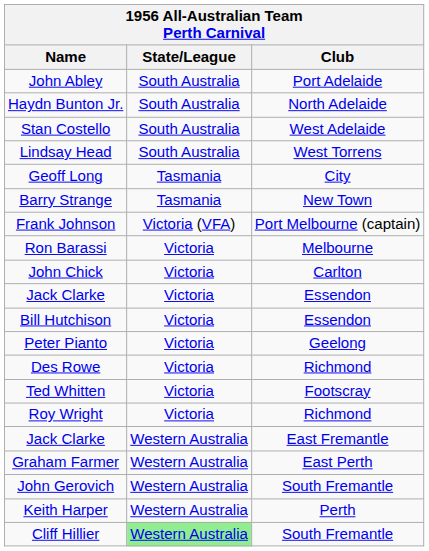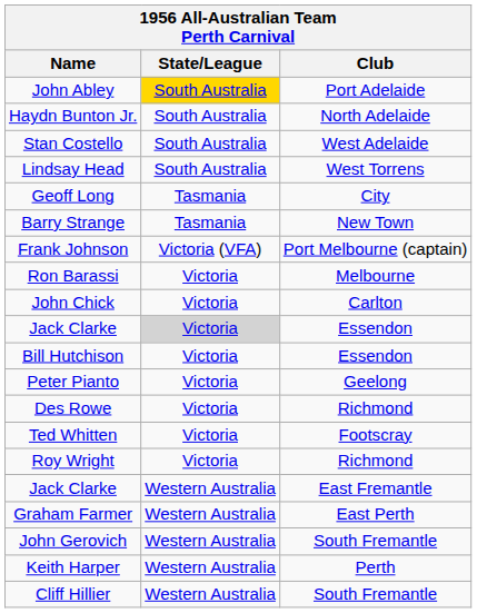 <table class="wikitable" style="text-align: center">
 <tr>
 <th colspan="10">1956 All-Australian Team<br><a href='#'>Perth Carnival</a></th>
 </tr>
 <tr>
 <th>Name</th>
 <th>State/League</th>
 <th>Club</th>
 </tr>
 <tr>
 <td><a href='#'>John Abley</a></td>
-<td><a href='#'>South Australia</a></td>
+<td style="background: gold;"><a href='#'>South Australia</a></td>
 <td><a href='#'>Port Adelaide</a></td>
 </tr>
 <tr>
 <td><a href='#'>Haydn Bunton Jr.</a></td>
 <td><a href='#'>South Australia</a></td>
 <td><a href='#'>North Adelaide</a></td>
 </tr>
 <tr>
 <td><a href='#'>Stan Costello</a></td>
 <td><a href='#'>South Australia</a></td>
 <td><a href='#'>West Adelaide</a></td>
 </tr>
 <tr>
 <td><a href='#'>Lindsay Head</a></td>
 <td><a href='#'>South Australia</a></td>
 <td><a href='#'>West Torrens</a></td>
 </tr>
 <tr>
 <td><a href='#'>Geoff Long</a></td>
 <td><a href='#'>Tasmania</a></td>
 <td><a href='#'>City</a></td>
 </tr>
 <tr>
 <td><a href='#'>Barry Strange</a></td>
 <td><a href='#'>Tasmania</a></td>
 <td><a href='#'>New Town</a></td>
 </tr>
 <tr>
 <td><a href='#'>Frank Johnson</a></td>
 <td><a href='#'>Victoria</a> (<a href='#'>VFA</a>)</td>
 <td><a href='#'>Port Melbourne</a> (captain)</td>
 </tr>
 <tr>
 <td><a href='#'>Ron Barassi</a></td>
 <td><a href='#'>Victoria</a></td>
 <td><a href='#'>Melbourne</a></td>
 </tr>
 <tr>
 <td><a href='#'>John Chick</a></td>
 <td><a href='#'>Victoria</a></td>
 <td><a href='#'>Carlton</a></td>
 </tr>
 <tr>
 <td><a href='#'>Jack Clarke</a></td>
-<td><a href='#'>Victoria</a></td>
+<td style="background: lightgrey;"><a href='#'>Victoria</a></td>
 <td><a href='#'>Essendon</a></td>
 </tr>
 <tr>
 <td><a href='#'>Bill Hutchison</a></td>
 <td><a href='#'>Victoria</a></td>
 <td><a href='#'>Essendon</a></td>
 </tr>
 <tr>
 <td><a href='#'>Peter Pianto</a></td>
 <td><a href='#'>Victoria</a></td>
 <td><a href='#'>Geelong</a></td>
 </tr>
 <tr>
 <td><a href='#'>Des Rowe</a></td>
 <td><a href='#'>Victoria</a></td>
 <td><a href='#'>Richmond</a></td>
 </tr>
 <tr>
 <td><a href='#'>Ted Whitten</a></td>
 <td><a href='#'>Victoria</a></td>
 <td><a href='#'>Footscray</a></td>
 </tr>
 <tr>
 <td><a href='#'>Roy Wright</a></td>
 <td><a href='#'>Victoria</a></td>
 <td><a href='#'>Richmond</a></td>
 </tr>
 <tr>
 <td><a href='#'>Jack Clarke</a></td>
 <td><a href='#'>Western Australia</a></td>
 <td><a href='#'>East Fremantle</a></td>
 </tr>
 <tr>
 <td><a href='#'>Graham Farmer</a></td>
 <td><a href='#'>Western Australia</a></td>
 <td><a href='#'>East Perth</a></td>
 </tr>
 <tr>
 <td><a href='#'>John Gerovich</a></td>
 <td><a href='#'>Western Australia</a></td>
 <td><a href='#'>South Fremantle</a></td>
 </tr>
 <tr>
 <td><a href='#'>Keith Harper</a></td>
 <td><a href='#'>Western Australia</a></td>
 <td><a href='#'>Perth</a></td>
 </tr>
 <tr>
 <td><a href='#'>Cliff Hillier</a></td>
-<td style="background: lightgreen;"><a href='#'>Western Australia</a></td>
+<td><a href='#'>Western Australia</a></td>
 <td><a href='#'>South Fremantle</a></td>
 </tr>
 </table>
